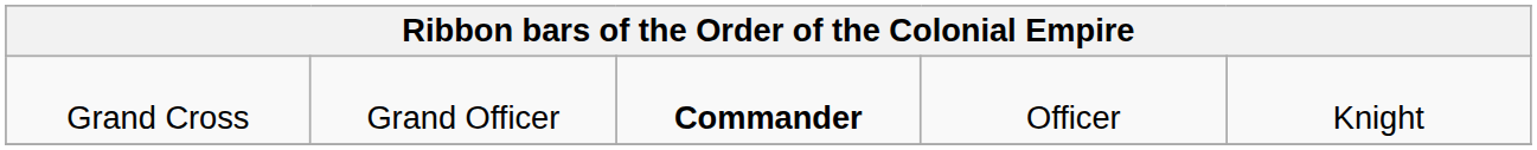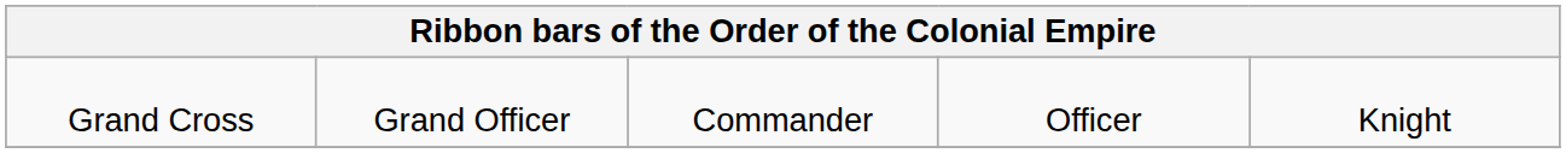 <table align=center class=wikitable width=60% style="margin:1em auto;">
 <tr>
 <th colspan=5>Ribbon bars of the Order of the Colonial Empire</th>
 </tr>
 <tr>
 <td width=20% valign=center align=center><br>Grand Cross</td>
 <td width=20% valign=center align=center><br>Grand Officer</td>
-<td width=20% valign=center align=center><strong><br>Commander</strong></td>
+<td width=20% valign=center align=center><br>Commander</td>
 <td width=20% valign=center align=center><br>Officer</td>
 <td width=20% valign=center align=center><br>Knight</td>
 </tr>
 <tr>
 </tr>
 </table>
